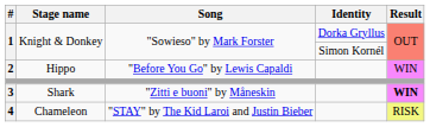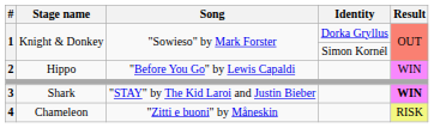 <table class="wikitable plainrowheaders" style="text-align: center">
 <tr>
 <th>#</th>
 <th>Stage name</th>
 <th>Song</th>
 <th>Identity</th>
 <th>Result</th>
 </tr>
 <tr>
 <th rowspan="2">1</th>
 <td rowspan="2">Knight & Donkey</td>
 <td rowspan="2">"Sowieso" by <a href='#'>Mark Forster</a></td>
 <td><a href='#'>Dorka Gryllus</a></td>
 <td rowspan="2" bgcolor=salmon>OUT</td>
 </tr>
 <tr>
 <td>Simon Kornél</td>
 </tr>
 <tr>
 <th>2</th>
 <td>Hippo</td>
 <td>"<a href='#'>Before You Go</a>" by <a href='#'>Lewis Capaldi</a></td>
 <td></td>
 <td bgcolor="F888FD">WIN</td>
 </tr>
 <tr>
 <th colspan="5" style="background:darkgrey"></th>
 </tr>
 <tr>
 <th>3</th>
 <td>Shark</td>
-<td>"<a href='#'>Zitti e buoni</a>" by <a href='#'>Måneskin</a></td>
+<td>"<a href='#'>STAY</a>" by <a href='#'>The Kid Laroi</a> and <a href='#'>Justin Bieber</a></td>
 <td></td>
 <td bgcolor="F888FD"><strong>WIN</strong></td>
 </tr>
 <tr>
 <th>4</th>
 <td>Chameleon</td>
-<td>"<a href='#'>STAY</a>" by <a href='#'>The Kid Laroi</a> and <a href='#'>Justin Bieber</a></td>
+<td>"<a href='#'>Zitti e buoni</a>" by <a href='#'>Måneskin</a></td>
 <td></td>
 <td bgcolor="F3F781">RISK</td>
 </tr>
 </table>
